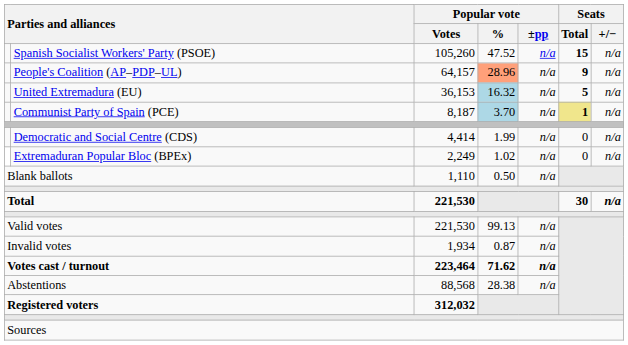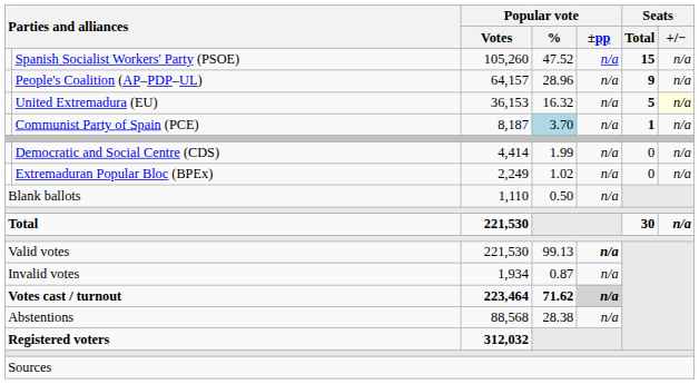 <table class="wikitable" style="text-align:right;">
 <tr>
 <th style="text-align:left;" rowspan="2" colspan="2" width="525">Parties and alliances</th>
 <th colspan="3">Popular vote</th>
 <th colspan="2">Seats</th>
 </tr>
 <tr>
 <th width="75">Votes</th>
 <th width="45">%</th>
 <th width="45">±<a href='#'>pp</a></th>
 <th width="35">Total</th>
 <th width="35">+/−</th>
 </tr>
 <tr>
 <td width="1" style="color:inherit;background:"></td>
 <td align="left"><a href='#'>Spanish Socialist Workers' Party</a> (PSOE)</td>
 <td>105,260</td>
 <td>47.52</td>
 <td><em><a href='#'>n/a</a></em></td>
 <td><strong>15</strong></td>
 <td><em>n/a</em></td>
 </tr>
 <tr>
 <td style="color:inherit;background:"></td>
 <td align="left"><a href='#'>People's Coalition</a> (<a href='#'>AP</a>–<a href='#'>PDP</a>–<a href='#'>UL</a>)</td>
 <td>64,157</td>
-<td style="background: lightsalmon;">28.96</td>
+<td>28.96</td>
 <td><em>n/a</em></td>
 <td><strong>9</strong></td>
 <td><em>n/a</em></td>
 </tr>
 <tr>
 <td style="color:inherit;background:"></td>
 <td align="left"><a href='#'>United Extremadura</a> (EU)</td>
 <td>36,153</td>
-<td style="background: lightblue;">16.32</td>
+<td>16.32</td>
 <td><em>n/a</em></td>
 <td><strong>5</strong></td>
-<td><em>n/a</em></td>
+<td style="background: lightyellow;"><em>n/a</em></td>
 </tr>
 <tr>
 <td style="color:inherit;background:"></td>
 <td align="left"><a href='#'>Communist Party of Spain</a> (PCE)</td>
 <td>8,187</td>
 <td style="background: lightblue;">3.70</td>
 <td><em>n/a</em></td>
-<td style="background: khaki;"><strong>1</strong></td>
+<td><strong>1</strong></td>
 <td><em>n/a</em></td>
 </tr>
 <tr>
 <td colspan="7" bgcolor="#C0C0C0"></td>
 </tr>
 <tr>
 <td style="color:inherit;background:"></td>
 <td align="left"><a href='#'>Democratic and Social Centre</a> (CDS)</td>
 <td>4,414</td>
 <td>1.99</td>
 <td><em>n/a</em></td>
 <td>0</td>
 <td><em>n/a</em></td>
 </tr>
 <tr>
 <td bgcolor="white"></td>
 <td align="left"><a href='#'>Extremaduran Popular Bloc</a> (BPEx)</td>
 <td>2,249</td>
 <td>1.02</td>
 <td><em>n/a</em></td>
 <td>0</td>
 <td><em>n/a</em></td>
 </tr>
 <tr>
 <td align="left" colspan="2">Blank ballots</td>
 <td>1,110</td>
 <td>0.50</td>
 <td><em>n/a</em></td>
 <td bgcolor="#E9E9E9" colspan="2"></td>
 </tr>
 <tr>
 <td colspan="7" bgcolor="#E9E9E9"></td>
 </tr>
 <tr style="font-weight:bold;">
 <td align="left" colspan="2">Total</td>
 <td>221,530</td>
 <td bgcolor="#E9E9E9" colspan="2"></td>
 <td>30</td>
 <td><em>n/a</em></td>
 </tr>
 <tr>
 <td colspan="7" bgcolor="#E9E9E9"></td>
 </tr>
 <tr>
 <td align="left" colspan="2">Valid votes</td>
 <td>221,530</td>
 <td>99.13</td>
-<td><em>n/a</em></td>
+<td><strong><em>n/a</em></strong></td>
 <td bgcolor="#E9E9E9" colspan="2" rowspan="5"></td>
 </tr>
 <tr>
 <td align="left" colspan="2">Invalid votes</td>
 <td>1,934</td>
 <td>0.87</td>
 <td><em>n/a</em></td>
 </tr>
 <tr style="font-weight:bold;">
 <td align="left" colspan="2">Votes cast / turnout</td>
 <td>223,464</td>
 <td>71.62</td>
-<td><em>n/a</em></td>
+<td style="background: lightgrey;"><em>n/a</em></td>
 </tr>
 <tr>
 <td align="left" colspan="2">Abstentions</td>
 <td>88,568</td>
 <td>28.38</td>
 <td><em>n/a</em></td>
 </tr>
 <tr style="font-weight:bold;">
 <td align="left" colspan="2">Registered voters</td>
 <td>312,032</td>
 <td bgcolor="#E9E9E9" colspan="2"></td>
 </tr>
 <tr>
 <td colspan="7" bgcolor="#E9E9E9"></td>
 </tr>
 <tr>
 <td align="left" colspan="7">Sources</td>
 </tr>
 </table>
